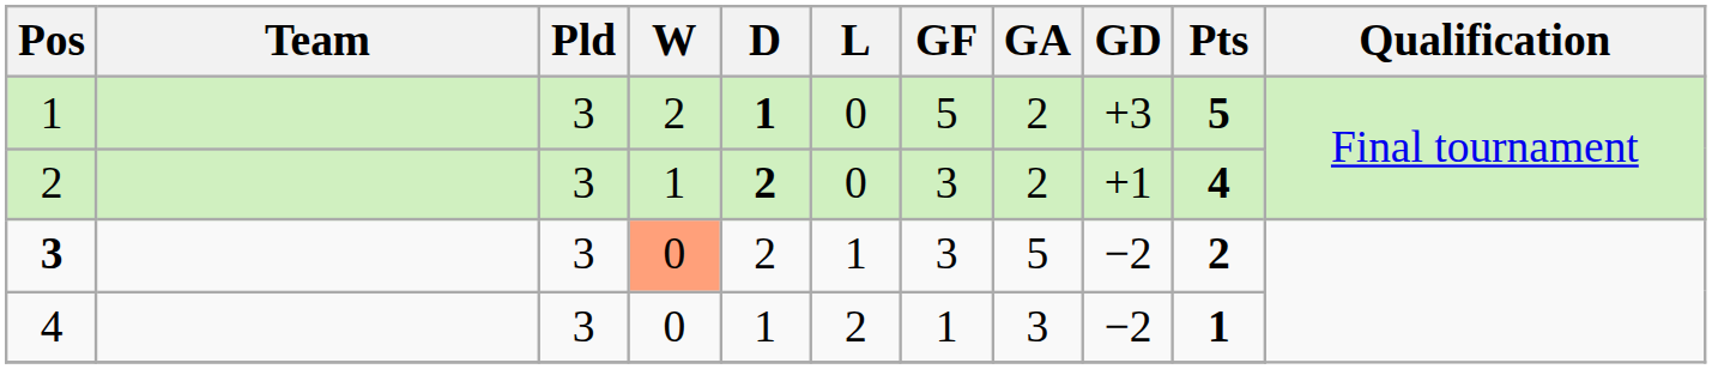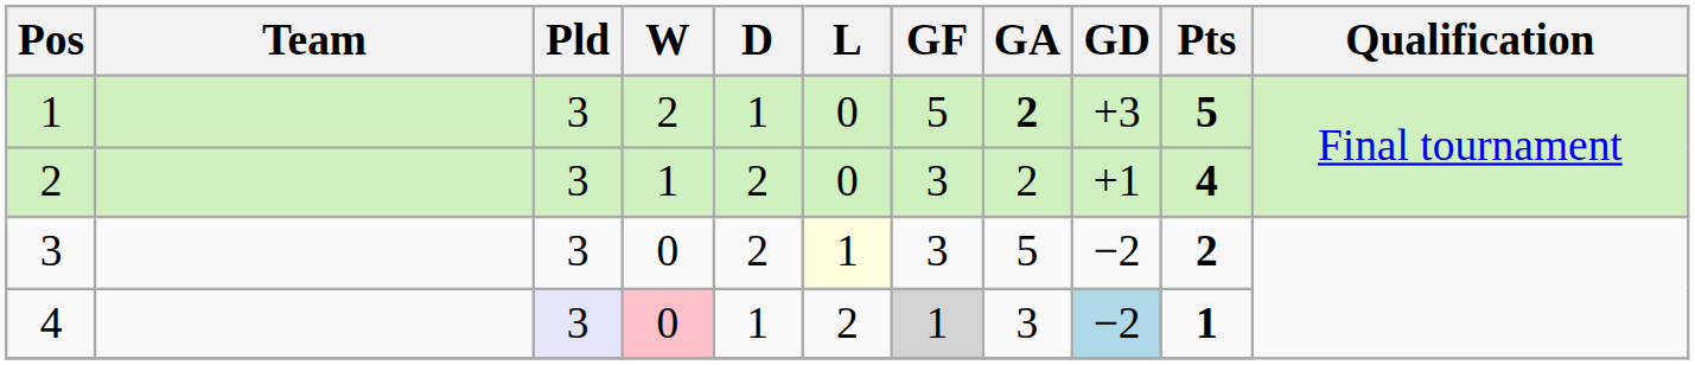 <table class="wikitable" border="1" style="text-align: center;">
 <tr>
 <th width="25"><abbr>Pos</abbr></th>
 <th width="150">Team</th>
 <th width="25"><abbr>Pld</abbr></th>
 <th width="25"><abbr>W</abbr></th>
 <th width="25"><abbr>D</abbr></th>
 <th width="25"><abbr>L</abbr></th>
 <th width="25"><abbr>GF</abbr></th>
 <th width="25"><abbr>GA</abbr></th>
 <th width="25"><abbr>GD</abbr></th>
 <th width="25"><abbr>Pts</abbr></th>
 <th width="150">Qualification</th>
 </tr>
 <tr bgcolor= #D0F0C0>
 <td>1</td>
 <td align="left"></td>
 <td>3</td>
 <td>2</td>
-<td><strong>1</strong></td>
+<td>1</td>
 <td>0</td>
 <td>5</td>
-<td>2</td>
+<td><strong>2</strong></td>
 <td>+3</td>
 <td><strong>5</strong></td>
 <td rowspan=2><a href='#'>Final tournament</a></td>
 </tr>
 <tr bgcolor= #D0F0C0>
 <td>2</td>
 <td align="left"></td>
 <td>3</td>
 <td>1</td>
-<td><strong>2</strong></td>
+<td>2</td>
 <td>0</td>
 <td>3</td>
 <td>2</td>
 <td>+1</td>
 <td><strong>4</strong></td>
 </tr>
 <tr>
-<td><strong>3</strong></td>
+<td>3</td>
 <td align="left"></td>
 <td>3</td>
-<td style="background: lightsalmon;">0</td>
+<td>0</td>
 <td>2</td>
-<td>1</td>
+<td style="background: lightyellow;">1</td>
 <td>3</td>
 <td>5</td>
 <td>−2</td>
 <td><strong>2</strong></td>
 </tr>
 <tr>
 <td>4</td>
 <td align="left"></td>
-<td>3</td>
-<td>0</td>
+<td style="background: lavender;">3</td>
+<td style="background: pink;">0</td>
 <td>1</td>
 <td>2</td>
-<td>1</td>
+<td style="background: lightgrey;">1</td>
 <td>3</td>
-<td>−2</td>
+<td style="background: lightblue;">−2</td>
 <td><strong>1</strong></td>
 </tr>
 <tr>
 </tr>
 </table>
